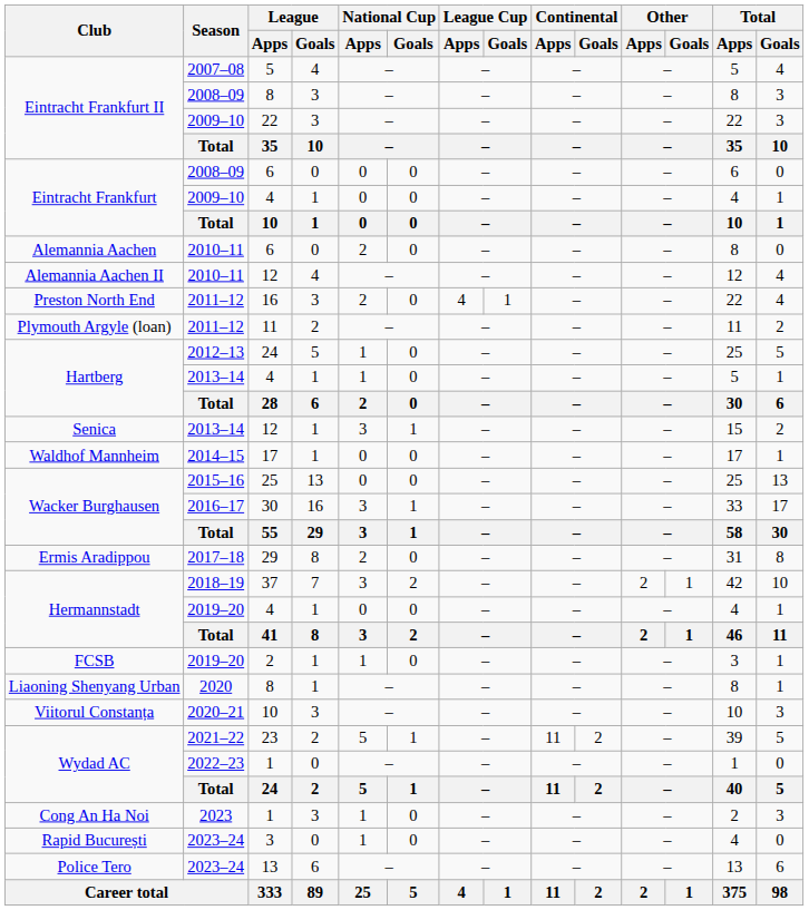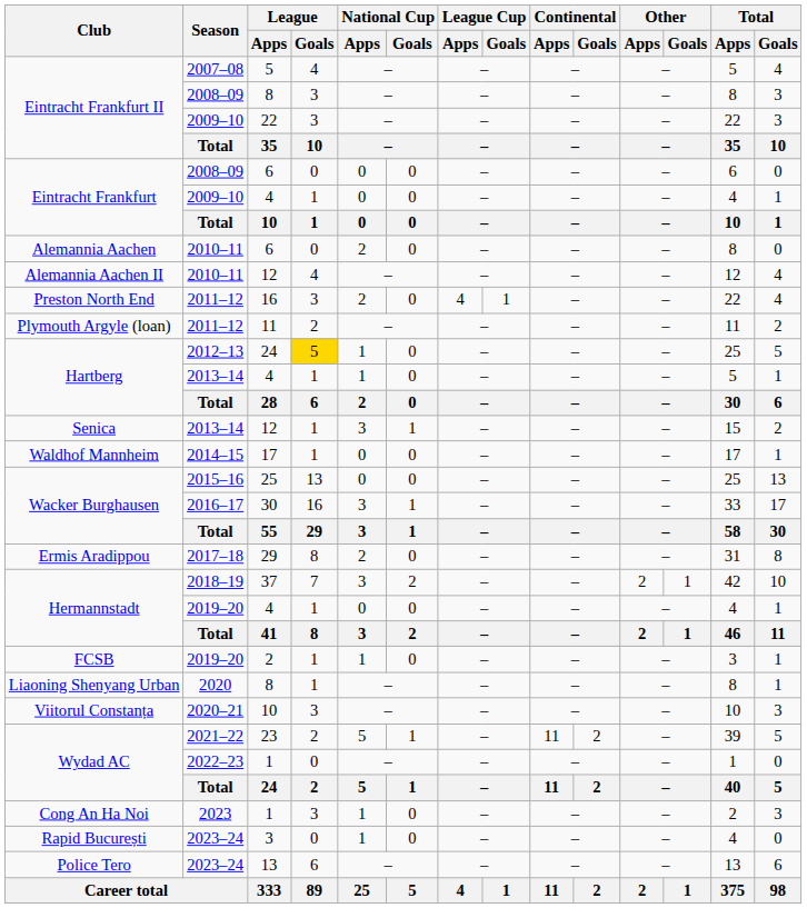 <table class="wikitable" style="text-align:center">
 <tr>
 <th rowspan="2">Club</th>
 <th rowspan="2">Season</th>
 <th colspan="2">League</th>
 <th colspan="2">National Cup</th>
 <th colspan="2">League Cup</th>
 <th colspan="2">Continental</th>
 <th colspan="2">Other</th>
 <th colspan="3">Total</th>
 </tr>
 <tr>
 <th>Apps</th>
 <th>Goals</th>
 <th>Apps</th>
 <th>Goals</th>
 <th>Apps</th>
 <th>Goals</th>
 <th>Apps</th>
 <th>Goals</th>
 <th>Apps</th>
 <th>Goals</th>
 <th>Apps</th>
 <th>Goals</th>
 </tr>
 <tr>
 <td rowspan="4"><a href='#'>Eintracht Frankfurt II</a></td>
 <td><a href='#'>2007–08</a></td>
 <td>5</td>
 <td>4</td>
 <td colspan="2">–</td>
 <td colspan="2">–</td>
 <td colspan="2">–</td>
 <td colspan="2">–</td>
 <td>5</td>
 <td>4</td>
 </tr>
 <tr>
 <td><a href='#'>2008–09</a></td>
 <td>8</td>
 <td>3</td>
 <td colspan="2">–</td>
 <td colspan="2">–</td>
 <td colspan="2">–</td>
 <td colspan="2">–</td>
 <td>8</td>
 <td>3</td>
 </tr>
 <tr>
 <td><a href='#'>2009–10</a></td>
 <td>22</td>
 <td>3</td>
 <td colspan="2">–</td>
 <td colspan="2">–</td>
 <td colspan="2">–</td>
 <td colspan="2">–</td>
 <td>22</td>
 <td>3</td>
 </tr>
 <tr>
 <th>Total</th>
 <th>35</th>
 <th>10</th>
 <th colspan="2">–</th>
 <th colspan="2">–</th>
 <th colspan="2">–</th>
 <th colspan="2">–</th>
 <th>35</th>
 <th>10</th>
 </tr>
 <tr>
 <td rowspan="3"><a href='#'>Eintracht Frankfurt</a></td>
 <td><a href='#'>2008–09</a></td>
 <td>6</td>
 <td>0</td>
 <td>0</td>
 <td>0</td>
 <td colspan="2">–</td>
 <td colspan="2">–</td>
 <td colspan="2">–</td>
 <td>6</td>
 <td>0</td>
 </tr>
 <tr>
 <td><a href='#'>2009–10</a></td>
 <td>4</td>
 <td>1</td>
 <td>0</td>
 <td>0</td>
 <td colspan="2">–</td>
 <td colspan="2">–</td>
 <td colspan="2">–</td>
 <td>4</td>
 <td>1</td>
 </tr>
 <tr>
 <th>Total</th>
 <th>10</th>
 <th>1</th>
 <th>0</th>
 <th>0</th>
 <th colspan="2">–</th>
 <th colspan="2">–</th>
 <th colspan="2">–</th>
 <th>10</th>
 <th>1</th>
 </tr>
 <tr>
 <td><a href='#'>Alemannia Aachen</a></td>
 <td><a href='#'>2010–11</a></td>
 <td>6</td>
 <td>0</td>
 <td>2</td>
 <td>0</td>
 <td colspan="2">–</td>
 <td colspan="2">–</td>
 <td colspan="2">–</td>
 <td>8</td>
 <td>0</td>
 </tr>
 <tr>
 <td><a href='#'>Alemannia Aachen II</a></td>
 <td><a href='#'>2010–11</a></td>
 <td>12</td>
 <td>4</td>
 <td colspan="2">–</td>
 <td colspan="2">–</td>
 <td colspan="2">–</td>
 <td colspan="2">–</td>
 <td>12</td>
 <td>4</td>
 </tr>
 <tr>
 <td><a href='#'>Preston North End</a></td>
 <td><a href='#'>2011–12</a></td>
 <td>16</td>
 <td>3</td>
 <td>2</td>
 <td>0</td>
 <td>4</td>
 <td>1</td>
 <td colspan="2">–</td>
 <td colspan="2">–</td>
 <td>22</td>
 <td>4</td>
 </tr>
 <tr>
 <td><a href='#'>Plymouth Argyle</a> (loan)</td>
 <td><a href='#'>2011–12</a></td>
 <td>11</td>
 <td>2</td>
 <td colspan="2">–</td>
 <td colspan="2">–</td>
 <td colspan="2">–</td>
 <td colspan="2">–</td>
 <td>11</td>
 <td>2</td>
 </tr>
 <tr>
 <td rowspan="3"><a href='#'>Hartberg</a></td>
 <td><a href='#'>2012–13</a></td>
 <td>24</td>
-<td>5</td>
+<td style="background: gold;">5</td>
 <td>1</td>
 <td>0</td>
 <td colspan="2">–</td>
 <td colspan="2">–</td>
 <td colspan="2">–</td>
 <td>25</td>
 <td>5</td>
 </tr>
 <tr>
 <td><a href='#'>2013–14</a></td>
 <td>4</td>
 <td>1</td>
 <td>1</td>
 <td>0</td>
 <td colspan="2">–</td>
 <td colspan="2">–</td>
 <td colspan="2">–</td>
 <td>5</td>
 <td>1</td>
 </tr>
 <tr>
 <th>Total</th>
 <th>28</th>
 <th>6</th>
 <th>2</th>
 <th>0</th>
 <th colspan="2">–</th>
 <th colspan="2">–</th>
 <th colspan="2">–</th>
 <th>30</th>
 <th>6</th>
 </tr>
 <tr>
 <td><a href='#'>Senica</a></td>
 <td><a href='#'>2013–14</a></td>
 <td>12</td>
 <td>1</td>
 <td>3</td>
 <td>1</td>
 <td colspan="2">–</td>
 <td colspan="2">–</td>
 <td colspan="2">–</td>
 <td>15</td>
 <td>2</td>
 </tr>
 <tr>
 <td><a href='#'>Waldhof Mannheim</a></td>
 <td><a href='#'>2014–15</a></td>
 <td>17</td>
 <td>1</td>
 <td>0</td>
 <td>0</td>
 <td colspan="2">–</td>
 <td colspan="2">–</td>
 <td colspan="2">–</td>
 <td>17</td>
 <td>1</td>
 </tr>
 <tr>
 <td rowspan="3"><a href='#'>Wacker Burghausen</a></td>
 <td><a href='#'>2015–16</a></td>
 <td>25</td>
 <td>13</td>
 <td>0</td>
 <td>0</td>
 <td colspan="2">–</td>
 <td colspan="2">–</td>
 <td colspan="2">–</td>
 <td>25</td>
 <td>13</td>
 </tr>
 <tr>
 <td><a href='#'>2016–17</a></td>
 <td>30</td>
 <td>16</td>
 <td>3</td>
 <td>1</td>
 <td colspan="2">–</td>
 <td colspan="2">–</td>
 <td colspan="2">–</td>
 <td>33</td>
 <td>17</td>
 </tr>
 <tr>
 <th>Total</th>
 <th>55</th>
 <th>29</th>
 <th>3</th>
 <th>1</th>
 <th colspan="2">–</th>
 <th colspan="2">–</th>
 <th colspan="2">–</th>
 <th>58</th>
 <th>30</th>
 </tr>
 <tr>
 <td><a href='#'>Ermis Aradippou</a></td>
 <td><a href='#'>2017–18</a></td>
 <td>29</td>
 <td>8</td>
 <td>2</td>
 <td>0</td>
 <td colspan="2">–</td>
 <td colspan="2">–</td>
 <td colspan="2">–</td>
 <td>31</td>
 <td>8</td>
 </tr>
 <tr>
 <td rowspan="3"><a href='#'>Hermannstadt</a></td>
 <td><a href='#'>2018–19</a></td>
 <td>37</td>
 <td>7</td>
 <td>3</td>
 <td>2</td>
 <td colspan="2">–</td>
 <td colspan="2">–</td>
 <td>2</td>
 <td>1</td>
 <td>42</td>
 <td>10</td>
 </tr>
 <tr>
 <td><a href='#'>2019–20</a></td>
 <td>4</td>
 <td>1</td>
 <td>0</td>
 <td>0</td>
 <td colspan="2">–</td>
 <td colspan="2">–</td>
 <td colspan="2">–</td>
 <td>4</td>
 <td>1</td>
 </tr>
 <tr>
 <th>Total</th>
 <th>41</th>
 <th>8</th>
 <th>3</th>
 <th>2</th>
 <th colspan="2">–</th>
 <th colspan="2">–</th>
 <th>2</th>
 <th>1</th>
 <th>46</th>
 <th>11</th>
 </tr>
 <tr>
 <td><a href='#'>FCSB</a></td>
 <td><a href='#'>2019–20</a></td>
 <td>2</td>
 <td>1</td>
 <td>1</td>
 <td>0</td>
 <td colspan="2">–</td>
 <td colspan="2">–</td>
 <td colspan="2">–</td>
 <td>3</td>
 <td>1</td>
 </tr>
 <tr>
 <td><a href='#'>Liaoning Shenyang Urban</a></td>
 <td><a href='#'>2020</a></td>
 <td>8</td>
 <td>1</td>
 <td colspan="2">–</td>
 <td colspan="2">–</td>
 <td colspan="2">–</td>
 <td colspan="2">–</td>
 <td>8</td>
 <td>1</td>
 </tr>
 <tr>
 <td><a href='#'>Viitorul Constanța</a></td>
 <td><a href='#'>2020–21</a></td>
 <td>10</td>
 <td>3</td>
 <td colspan="2">–</td>
 <td colspan="2">–</td>
 <td colspan="2">–</td>
 <td colspan="2">–</td>
 <td>10</td>
 <td>3</td>
 </tr>
 <tr>
 <td rowspan="3"><a href='#'>Wydad AC</a></td>
 <td><a href='#'>2021–22</a></td>
 <td>23</td>
 <td>2</td>
 <td>5</td>
 <td>1</td>
 <td colspan="2">–</td>
 <td>11</td>
 <td>2</td>
 <td colspan="2">–</td>
 <td>39</td>
 <td>5</td>
 </tr>
 <tr>
 <td><a href='#'>2022–23</a></td>
 <td>1</td>
 <td>0</td>
 <td colspan="2">–</td>
 <td colspan="2">–</td>
 <td colspan="2">–</td>
 <td colspan="2">–</td>
 <td>1</td>
 <td>0</td>
 </tr>
 <tr>
 <th>Total</th>
 <th>24</th>
 <th>2</th>
 <th>5</th>
 <th>1</th>
 <th colspan="2">–</th>
 <th>11</th>
 <th>2</th>
 <th colspan="2">–</th>
 <th>40</th>
 <th>5</th>
 </tr>
 <tr>
 <td><a href='#'>Cong An Ha Noi</a></td>
 <td><a href='#'>2023</a></td>
 <td>1</td>
 <td>3</td>
 <td>1</td>
 <td>0</td>
 <td colspan="2">–</td>
 <td colspan="2">–</td>
 <td colspan="2">–</td>
 <td>2</td>
 <td>3</td>
 </tr>
 <tr>
 <td><a href='#'>Rapid București</a></td>
 <td><a href='#'>2023–24</a></td>
 <td>3</td>
 <td>0</td>
 <td>1</td>
 <td>0</td>
 <td colspan="2">–</td>
 <td colspan="2">–</td>
 <td colspan="2">–</td>
 <td>4</td>
 <td>0</td>
 </tr>
 <tr>
 <td><a href='#'>Police Tero</a></td>
 <td><a href='#'>2023–24</a></td>
 <td>13</td>
 <td>6</td>
 <td colspan="2">–</td>
 <td colspan="2">–</td>
 <td colspan="2">–</td>
 <td colspan="2">–</td>
 <td>13</td>
 <td>6</td>
 </tr>
 <tr>
 <th colspan="2">Career total</th>
 <th>333</th>
 <th>89</th>
 <th>25</th>
 <th>5</th>
 <th>4</th>
 <th>1</th>
 <th>11</th>
 <th>2</th>
 <th>2</th>
 <th>1</th>
 <th>375</th>
 <th>98</th>
 </tr>
 </table>
